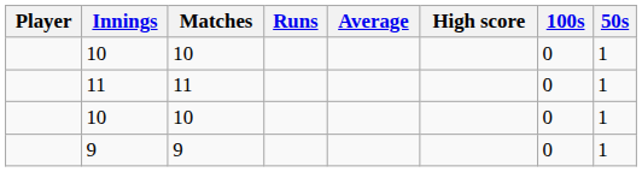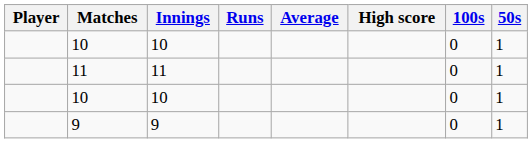 <table class="wikitable sortable" style="width:80%;">
 <tr>
 <th>Player</th>
+<th>Matches</th>
 <th><a href='#'>Innings</a></th>
-<th>Matches</th>
 <th><a href='#'>Runs</a></th>
 <th><a href='#'>Average</a></th>
 <th>High score</th>
 <th><a href='#'>100s</a></th>
 <th><a href='#'>50s</a></th>
 </tr>
 <tr>
 <td></td>
 <td>10</td>
 <td>10</td>
 <td></td>
 <td></td>
 <td></td>
 <td>0</td>
 <td>1</td>
 </tr>
 <tr>
 <td></td>
 <td>11</td>
 <td>11</td>
 <td></td>
 <td></td>
 <td></td>
 <td>0</td>
 <td>1</td>
 </tr>
 <tr>
 <td></td>
 <td>10</td>
 <td>10</td>
 <td></td>
 <td></td>
 <td></td>
 <td>0</td>
 <td>1</td>
 </tr>
 <tr>
 <td></td>
 <td>9</td>
 <td>9</td>
 <td></td>
 <td></td>
 <td></td>
 <td>0</td>
 <td>1</td>
 </tr>
 </table>
